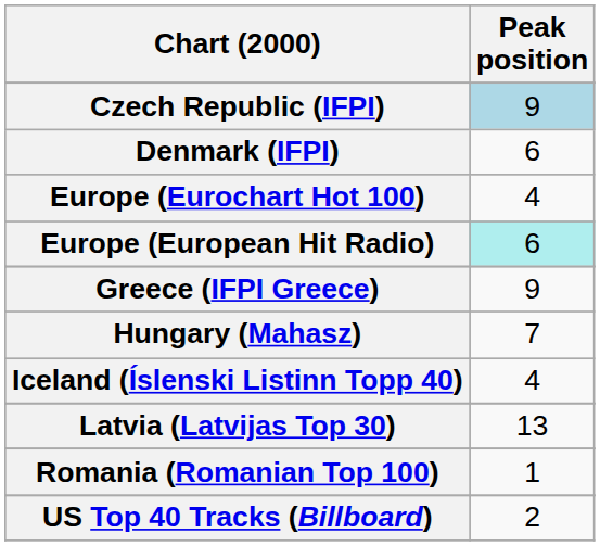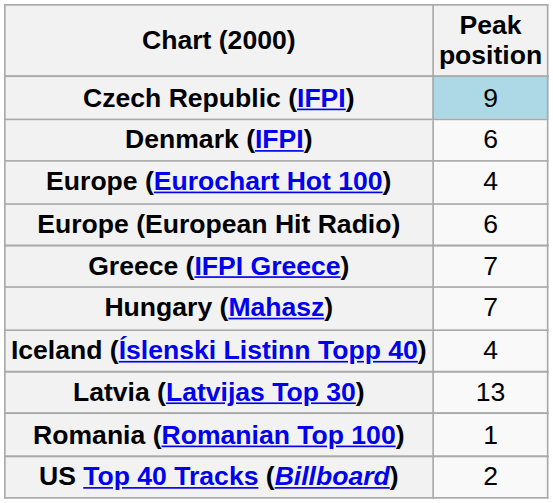 <table class="wikitable plainrowheaders sortable" style="text-align:center">
 <tr>
 <th scope="col">Chart (2000)</th>
 <th scope="col">Peak<br>position</th>
 </tr>
 <tr>
 </tr>
 <tr>
 </tr>
 <tr>
 </tr>
 <tr>
 </tr>
 <tr>
 </tr>
 <tr>
 </tr>
 <tr>
 <th scope="row">Czech Republic (<a href='#'>IFPI</a>)</th>
 <td style="background: lightblue;">9</td>
 </tr>
 <tr>
 <th scope="row">Denmark (<a href='#'>IFPI</a>)</th>
 <td>6</td>
 </tr>
 <tr>
 <th scope="row">Europe (<a href='#'>Eurochart Hot 100</a>)</th>
 <td>4</td>
 </tr>
 <tr>
 <th scope="row">Europe (European Hit Radio)</th>
-<td align="center" style="background: paleturquoise;">6</td>
+<td align="center">6</td>
 </tr>
 <tr>
 </tr>
 <tr>
 </tr>
 <tr>
 <th scope="row">Greece (<a href='#'>IFPI Greece</a>)</th>
-<td>9</td>
+<td>7</td>
 </tr>
 <tr>
 <th scope="row">Hungary (<a href='#'>Mahasz</a>)</th>
 <td>7</td>
 </tr>
 <tr>
 <th scope="row">Iceland (<a href='#'>Íslenski Listinn Topp 40</a>)</th>
 <td>4</td>
 </tr>
 <tr>
 </tr>
 <tr>
 </tr>
 <tr>
 <th scope="row">Latvia (<a href='#'>Latvijas Top 30</a>)</th>
 <td align="center">13</td>
 </tr>
 <tr>
 </tr>
 <tr>
 </tr>
 <tr>
 </tr>
 <tr>
 </tr>
 <tr>
 <th scope="row">Romania (<a href='#'>Romanian Top 100</a>)</th>
 <td>1</td>
 </tr>
 <tr>
 </tr>
 <tr>
 </tr>
 <tr>
 </tr>
 <tr>
 </tr>
 <tr>
 </tr>
 <tr>
 </tr>
 <tr>
 </tr>
 <tr>
 </tr>
 <tr>
 </tr>
 <tr>
 </tr>
 <tr>
 </tr>
 <tr>
 <th scope="row">US <a href='#'>Top 40 Tracks</a> (<a href='#'><em>Billboard</em></a>)</th>
 <td>2</td>
 </tr>
 </table>
